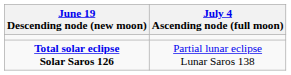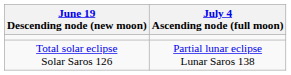 <table class="wikitable">
 <tr>
 <th><a href='#'>June 19</a><br>Descending node (new moon)</th>
 <th><a href='#'>July 4</a><br>Ascending node (full moon)</th>
 </tr>
 <tr>
 <td></td>
 <td></td>
 </tr>
 <tr align=center>
-<td><strong><a href='#'>Total solar eclipse</a><br>Solar Saros 126</strong></td>
+<td><a href='#'>Total solar eclipse</a><br>Solar Saros 126</td>
 <td><a href='#'>Partial lunar eclipse</a><br>Lunar Saros 138</td>
 </tr>
 </table>
